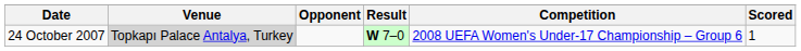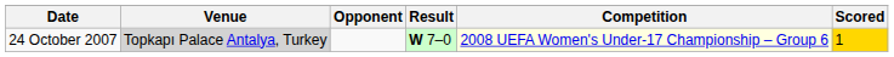 <table class=wikitable>
 <tr>
 </tr>
 <tr>
 <th>Date</th>
 <th>Venue</th>
 <th>Opponent</th>
 <th>Result</th>
 <th>Competition</th>
 <th>Scored</th>
 </tr>
 <tr>
 <td>24 October 2007</td>
 <td style="background: lightgrey;">Topkapı Palace <a href='#'>Antalya</a>, Turkey</td>
 <td></td>
 <td bgcolor=ccffcc><strong>W</strong> 7–0</td>
-<td><a href='#'>2008 UEFA Women's Under-17 Championship – Group 6</a></td>
-<td>1</td>
+<td style="background: lightyellow;"><a href='#'>2008 UEFA Women's Under-17 Championship – Group 6</a></td>
+<td style="background: gold;">1</td>
 </tr>
 </table>
